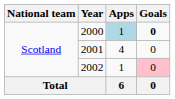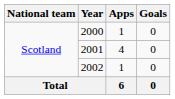 <table class="wikitable" style="text-align:center">
 <tr>
 <th>National team</th>
 <th>Year</th>
 <th>Apps</th>
 <th>Goals</th>
 </tr>
 <tr>
 <td rowspan="3"><a href='#'>Scotland</a></td>
 <td>2000</td>
-<td style="background: lightblue;">1</td>
-<td><strong>0</strong></td>
+<td>1</td>
+<td>0</td>
 </tr>
 <tr>
 <td>2001</td>
 <td>4</td>
 <td>0</td>
 </tr>
 <tr>
 <td>2002</td>
 <td>1</td>
-<td style="background: pink;">0</td>
+<td>0</td>
 </tr>
 <tr>
 <th colspan="2">Total</th>
 <th>6</th>
 <th>0</th>
 </tr>
 </table>
